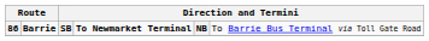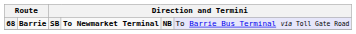 <table class=wikitable style="font-size: 90%;">
 <tr>
 <th colspan=2>Route</th>
 <th colspan=4>Direction and Termini</th>
 </tr>
 <tr>
-<th style="background:#">86</th>
+<th style="background:#">68</th>
 <td><strong>Barrie</strong></td>
 <th>SB</th>
 <td><strong>To Newmarket Terminal</strong></td>
 <th>NB</th>
-<td>To <a href='#'>Barrie Bus Terminal</a> <small><em>via</em> Toll Gate Road</small></td>
+<td style="background: lavender;">To <a href='#'>Barrie Bus Terminal</a> <small><em>via</em> Toll Gate Road</small></td>
 </tr>
 <tr>
 </tr>
 </table>
